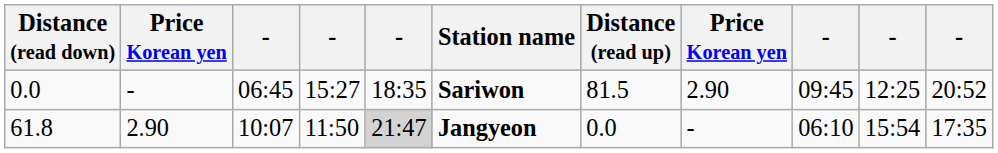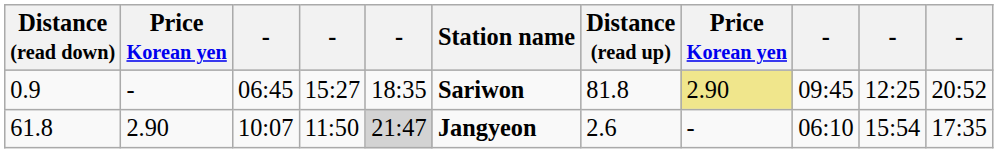 <table class="wikitable">
 <tr>
 <th>Distance<br><small>(read down)</small></th>
 <th>Price<br><small><a href='#'>Korean yen</a></small></th>
 <th><strong>-</strong></th>
 <th><strong>-</strong></th>
 <th><strong>-</strong></th>
 <th>Station name</th>
 <th>Distance<br><small>(read up)</small></th>
 <th>Price<br><small><a href='#'>Korean yen</a></small></th>
 <th><strong>-</strong></th>
 <th><strong>-</strong></th>
 <th><strong>-</strong></th>
 </tr>
 <tr>
-<td>0.0</td>
+<td>0.9</td>
 <td>-</td>
 <td>06:45</td>
 <td>15:27</td>
 <td>18:35</td>
 <td><strong>Sariwon</strong></td>
-<td>81.5</td>
-<td>2.90</td>
+<td>81.8</td>
+<td style="background: khaki;">2.90</td>
 <td>09:45</td>
 <td>12:25</td>
 <td>20:52</td>
 </tr>
 <tr>
 <td>61.8</td>
 <td>2.90</td>
 <td>10:07</td>
 <td>11:50</td>
 <td style="background: lightgrey;">21:47</td>
 <td><strong>Jangyeon</strong></td>
-<td>0.0</td>
+<td>2.6</td>
 <td>-</td>
 <td>06:10</td>
 <td>15:54</td>
 <td>17:35</td>
 </tr>
 </table>
